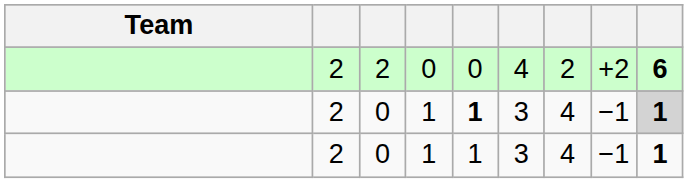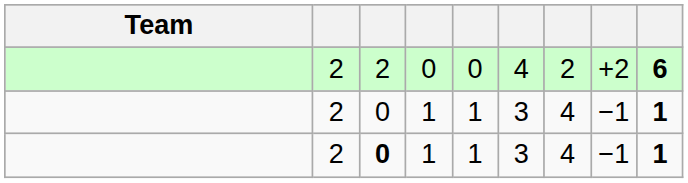 <table class="wikitable" style="text-align:center;">
 <tr>
 <th width=175>Team</th>
 <th width=20></th>
 <th width=20></th>
 <th width=20></th>
 <th width=20></th>
 <th width=20></th>
 <th width=20></th>
 <th width=20></th>
 <th width=20></th>
 </tr>
 <tr bgcolor=ccffcc>
 <td align="left"></td>
 <td>2</td>
 <td>2</td>
 <td>0</td>
 <td>0</td>
 <td>4</td>
 <td>2</td>
 <td>+2</td>
 <td><strong>6</strong></td>
 </tr>
 <tr>
 <td align="left"></td>
 <td>2</td>
 <td>0</td>
 <td>1</td>
-<td><strong>1</strong></td>
+<td>1</td>
 <td>3</td>
 <td>4</td>
 <td>−1</td>
-<td style="background: lightgrey;"><strong>1</strong></td>
+<td><strong>1</strong></td>
 </tr>
 <tr>
 <td align="left"></td>
 <td>2</td>
-<td>0</td>
+<td><strong>0</strong></td>
 <td>1</td>
 <td>1</td>
 <td>3</td>
 <td>4</td>
 <td>−1</td>
 <td><strong>1</strong></td>
 </tr>
 </table>
